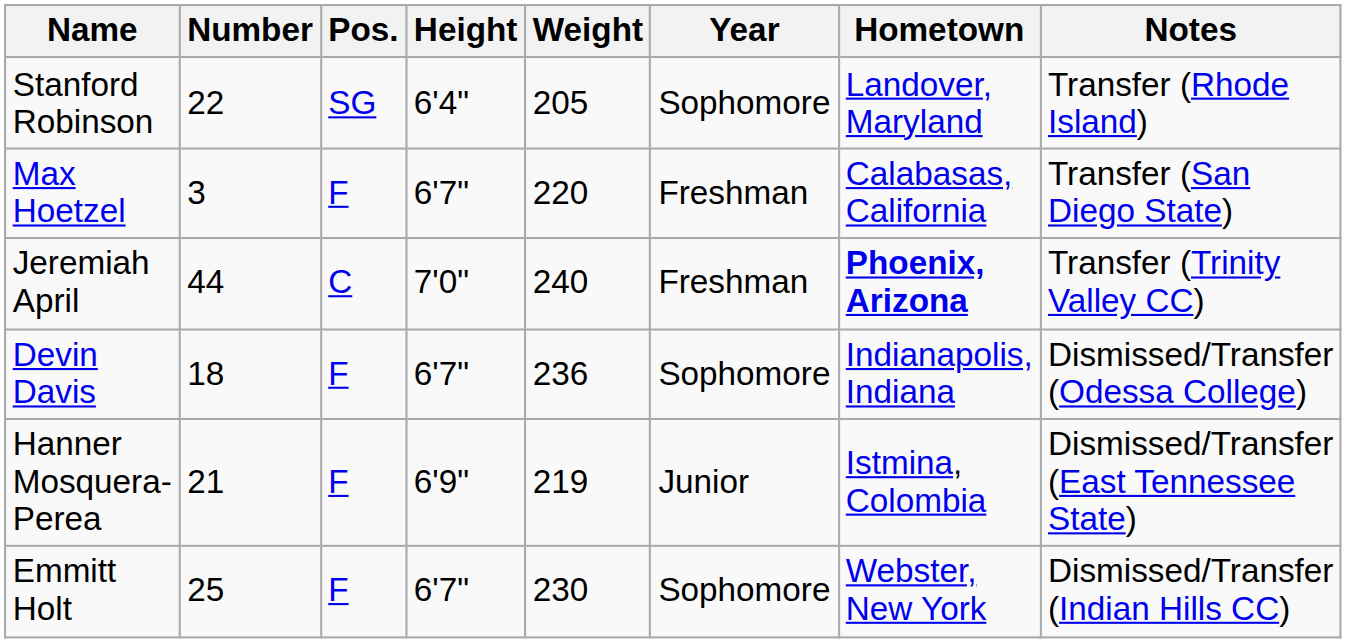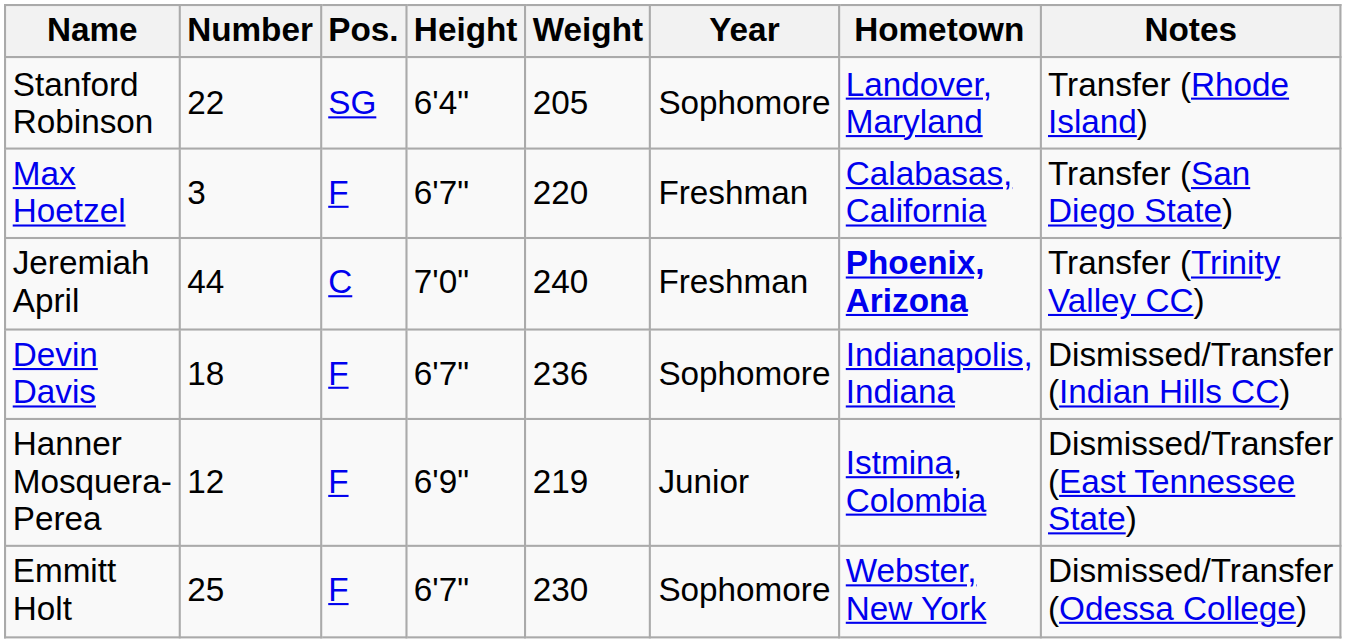 <table class="wikitable sortable" border="1">
 <tr align=center>
 <th>Name</th>
 <th>Number</th>
 <th>Pos.</th>
 <th>Height</th>
 <th>Weight</th>
 <th>Year</th>
 <th>Hometown</th>
 <th>Notes</th>
 </tr>
 <tr>
 <td sortname>Stanford Robinson</td>
 <td>22</td>
 <td><a href='#'>SG</a></td>
 <td>6'4"</td>
 <td>205</td>
 <td>Sophomore</td>
 <td><a href='#'>Landover, Maryland</a></td>
 <td>Transfer (<a href='#'>Rhode Island</a>)</td>
 </tr>
 <tr>
 <td sortname><a href='#'>Max Hoetzel</a></td>
 <td>3</td>
 <td><a href='#'>F</a></td>
 <td>6'7"</td>
 <td>220</td>
 <td>Freshman</td>
 <td><a href='#'>Calabasas, California</a></td>
 <td>Transfer (<a href='#'>San Diego State</a>)</td>
 </tr>
 <tr>
 <td sortname>Jeremiah April</td>
 <td>44</td>
 <td><a href='#'>C</a></td>
 <td>7'0"</td>
 <td>240</td>
 <td>Freshman</td>
 <td><strong><a href='#'>Phoenix, Arizona</a></strong></td>
 <td>Transfer (<a href='#'>Trinity Valley CC</a>)</td>
 </tr>
 <tr>
 <td sortname><a href='#'>Devin Davis</a></td>
 <td>18</td>
 <td><a href='#'>F</a></td>
 <td>6'7"</td>
 <td>236</td>
 <td>Sophomore</td>
 <td><a href='#'>Indianapolis, Indiana</a></td>
-<td>Dismissed/Transfer (<a href='#'>Odessa College</a>)</td>
+<td>Dismissed/Transfer (<a href='#'>Indian Hills CC</a>)</td>
 </tr>
 <tr>
 <td sortname>Hanner Mosquera-Perea</td>
-<td>21</td>
+<td>12</td>
 <td><a href='#'>F</a></td>
 <td>6'9"</td>
 <td>219</td>
 <td>Junior</td>
 <td><a href='#'>Istmina</a>, <a href='#'>Colombia</a></td>
 <td>Dismissed/Transfer (<a href='#'>East Tennessee State</a>)</td>
 </tr>
 <tr>
 <td sortname>Emmitt Holt</td>
 <td>25</td>
 <td><a href='#'>F</a></td>
 <td>6'7"</td>
 <td>230</td>
 <td>Sophomore</td>
 <td><a href='#'>Webster, New York</a></td>
-<td>Dismissed/Transfer (<a href='#'>Indian Hills CC</a>)</td>
+<td>Dismissed/Transfer (<a href='#'>Odessa College</a>)</td>
 </tr>
 </table>
